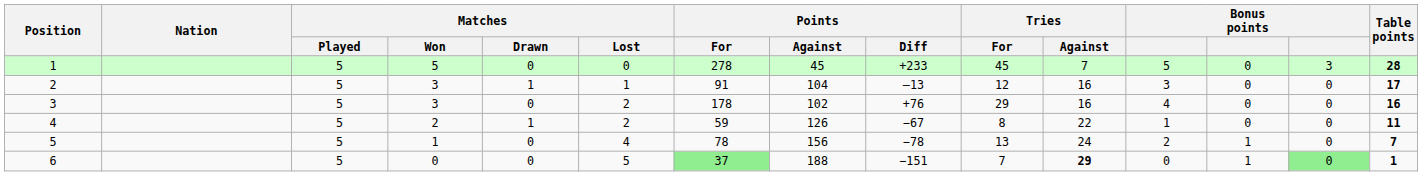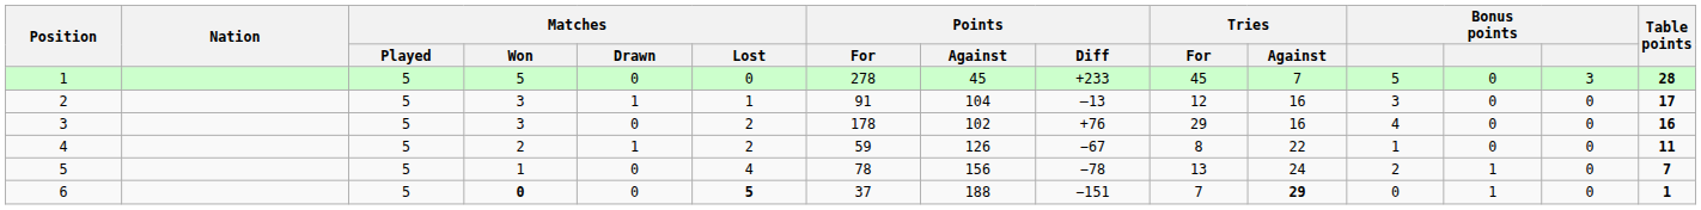 <table class="wikitable" style="text-align:center">
 <tr>
 <th rowspan="2" style="width:7%">Position</th>
 <th rowspan="2" style="width:14%">Nation</th>
 <th colspan="4" style="width:28%">Matches</th>
 <th colspan="3" style="width:21%">Points</th>
 <th colspan="2" style="width:14%">Tries</th>
 <th colspan="3" style="width:14%">Bonus<br>points</th>
 <th rowspan="2" style="width:9%">Table<br>points</th>
 </tr>
 <tr>
 <th style="width:7%">Played</th>
 <th style="width:7%">Won</th>
 <th style="width:7%">Drawn</th>
 <th style="width:7%">Lost</th>
 <th style="width:7%">For</th>
 <th style="width:7%">Against</th>
 <th style="width:7%">Diff</th>
 <th style="width:6%">For</th>
 <th style="width:6%">Against</th>
 <th style="width:6%"></th>
 <th style="width:6%"></th>
 <th style="width:6%"></th>
 </tr>
 <tr bgcolor=#ccffcc>
 <td>1</td>
 <td align="left"></td>
 <td>5</td>
 <td>5</td>
 <td>0</td>
 <td>0</td>
 <td>278</td>
 <td>45</td>
 <td>+233</td>
 <td>45</td>
 <td>7</td>
 <td>5</td>
 <td>0</td>
 <td>3</td>
 <td><strong>28</strong></td>
 </tr>
 <tr>
 <td>2</td>
 <td align="left"></td>
 <td>5</td>
 <td>3</td>
 <td>1</td>
 <td>1</td>
 <td>91</td>
 <td>104</td>
 <td>–13</td>
 <td>12</td>
 <td>16</td>
 <td>3</td>
 <td>0</td>
 <td>0</td>
 <td><strong>17</strong></td>
 </tr>
 <tr>
 <td>3</td>
 <td align="left"></td>
 <td>5</td>
 <td>3</td>
 <td>0</td>
 <td>2</td>
 <td>178</td>
 <td>102</td>
 <td>+76</td>
 <td>29</td>
 <td>16</td>
 <td>4</td>
 <td>0</td>
 <td>0</td>
 <td><strong>16</strong></td>
 </tr>
 <tr>
 <td>4</td>
 <td align="left"></td>
 <td>5</td>
 <td>2</td>
 <td>1</td>
 <td>2</td>
 <td>59</td>
 <td>126</td>
 <td>−67</td>
 <td>8</td>
 <td>22</td>
 <td>1</td>
 <td>0</td>
 <td>0</td>
 <td><strong>11</strong></td>
 </tr>
 <tr>
 <td>5</td>
 <td align="left"></td>
 <td>5</td>
 <td>1</td>
 <td>0</td>
 <td>4</td>
 <td>78</td>
 <td>156</td>
 <td>−78</td>
 <td>13</td>
 <td>24</td>
 <td>2</td>
 <td>1</td>
 <td>0</td>
 <td><strong>7</strong></td>
 </tr>
 <tr>
 <td>6</td>
 <td align="left"></td>
 <td>5</td>
+<td><strong>0</strong></td>
 <td>0</td>
-<td>0</td>
-<td>5</td>
-<td style="background: lightgreen;">37</td>
+<td><strong>5</strong></td>
+<td>37</td>
 <td>188</td>
 <td>−151</td>
 <td>7</td>
 <td><strong>29</strong></td>
 <td>0</td>
 <td>1</td>
-<td style="background: lightgreen;">0</td>
+<td>0</td>
 <td><strong>1</strong><br></td>
 </tr>
 </table>
